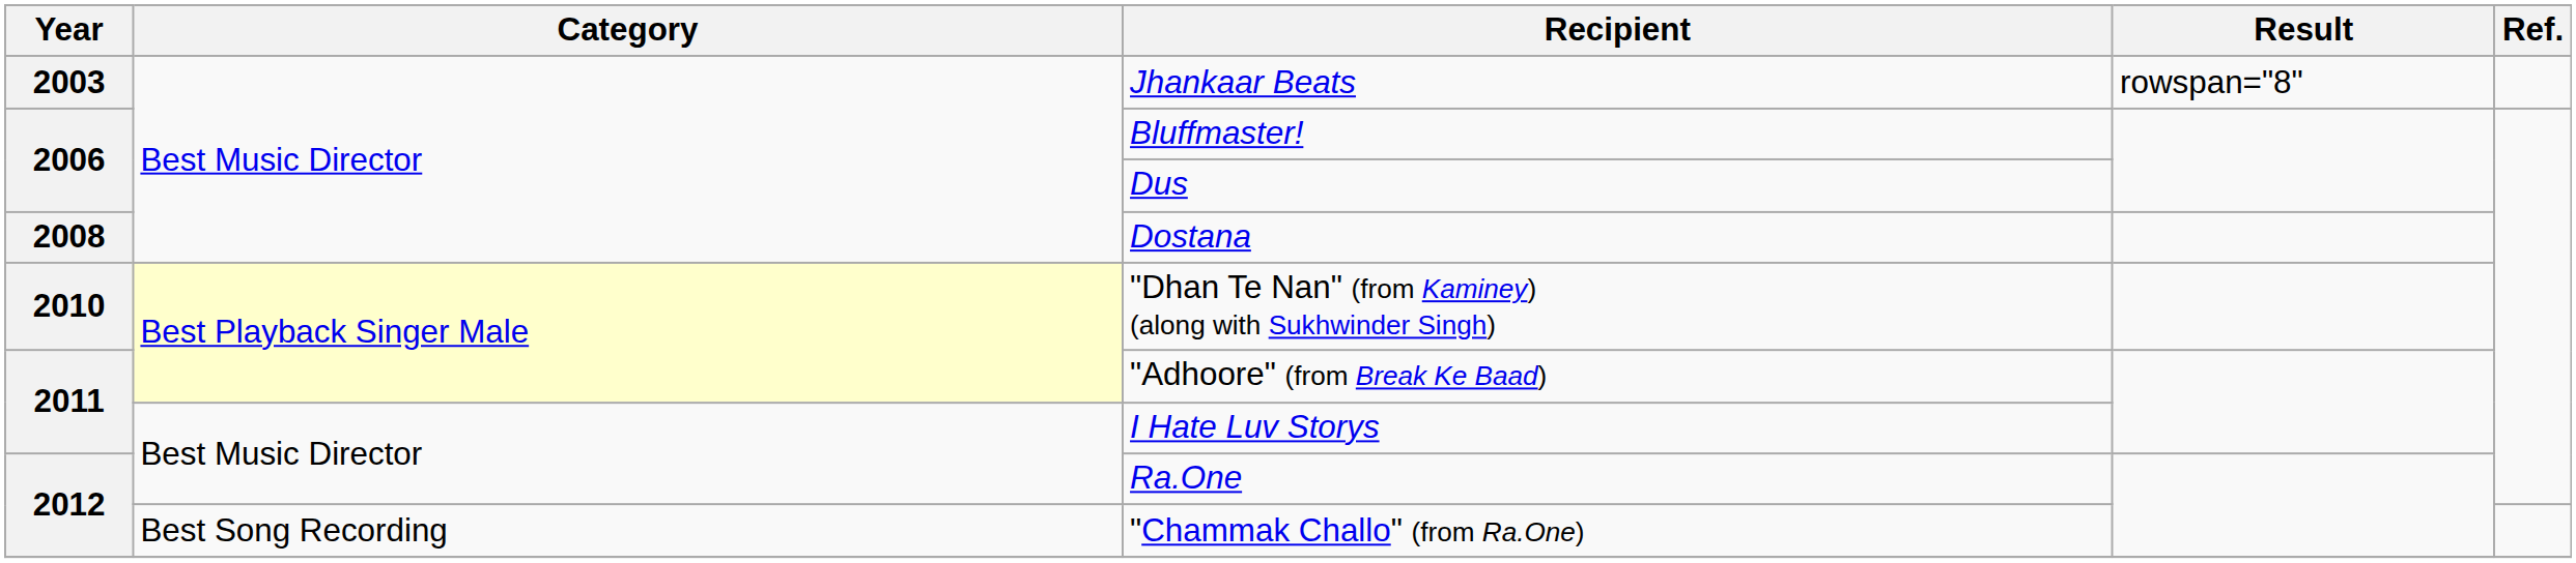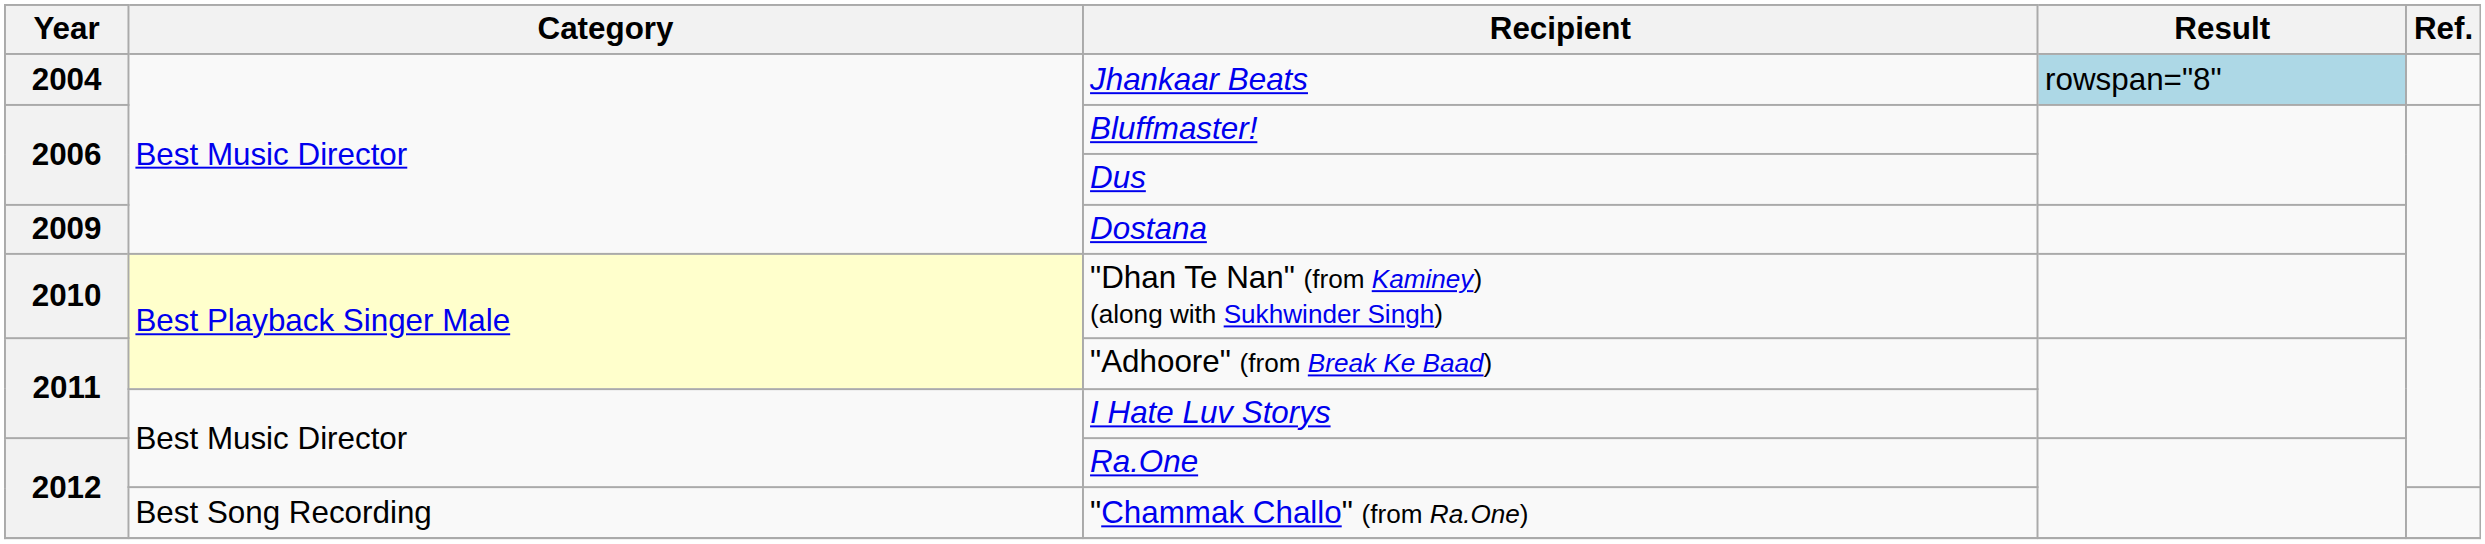 <table class="wikitable plainrowheaders" width="100%" "textcolor:#000;">
 <tr>
 <th scope="col" width=5%>Year</th>
 <th scope="col" width=39%>Category</th>
 <th scope="col" width=39%>Recipient</th>
 <th scope="col" width=15%>Result</th>
 <th scope="col" width=2%>Ref.</th>
 </tr>
 <tr>
-<th scope="row">2003</th>
+<th scope="row">2004</th>
 <td rowspan="4"><a href='#'>Best Music Director</a></td>
 <td><em><a href='#'>Jhankaar Beats</a></em></td>
-<td>rowspan="8" </td>
+<td style="background: lightblue;">rowspan="8" </td>
 <td></td>
 </tr>
 <tr>
 <th scope="row" rowspan="2">2006</th>
 <td><em><a href='#'>Bluffmaster!</a></em></td>
 <td rowspan="2"></td>
 </tr>
 <tr>
 <td><em><a href='#'>Dus</a></em></td>
 </tr>
 <tr>
-<th scope="row">2008</th>
+<th scope="row">2009</th>
 <td><em><a href='#'>Dostana</a></em></td>
 <td></td>
 </tr>
 <tr>
 <th scope="row">2010</th>
 <td style="background:#FFFFCC;" rowspan="2"><a href='#'>Best Playback Singer Male</a></td>
 <td>"Dhan Te Nan" <small>(from <em><a href='#'>Kaminey</a></em>)</small><br><small>(along with <a href='#'>Sukhwinder Singh</a>)</small></td>
 <td></td>
 </tr>
 <tr>
 <th scope="row" rowspan="2">2011</th>
 <td>"Adhoore" <small>(from <em><a href='#'>Break Ke Baad</a></em>)</small></td>
 <td rowspan="2"></td>
 </tr>
 <tr>
 <td rowspan="2">Best Music Director</td>
 <td><em><a href='#'>I Hate Luv Storys</a></em></td>
 </tr>
 <tr>
 <th scope="row" rowspan="2">2012</th>
 <td><em><a href='#'>Ra.One</a></em></td>
 <td rowspan="2"></td>
 </tr>
 <tr>
 <td>Best Song Recording</td>
 <td>"<a href='#'>Chammak Challo</a>" <small>(from <em>Ra.One</em>)</small></td>
 <td></td>
 </tr>
 <tr>
 </tr>
 </table>
